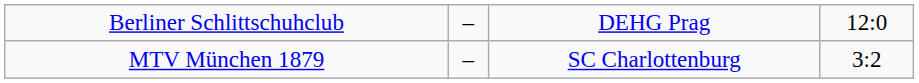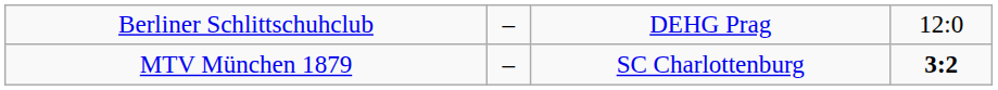 <table class="wikitable" width="50%">
 <tr align="center">
 <td><a href='#'>Berliner Schlittschuhclub</a></td>
 <td>–</td>
 <td><a href='#'>DEHG Prag</a></td>
 <td>12:0</td>
 </tr>
 <tr align="center">
 <td><a href='#'>MTV München 1879</a></td>
 <td>–</td>
 <td><a href='#'>SC Charlottenburg</a></td>
-<td>3:2</td>
+<td><strong>3:2</strong></td>
 </tr>
 </table>
